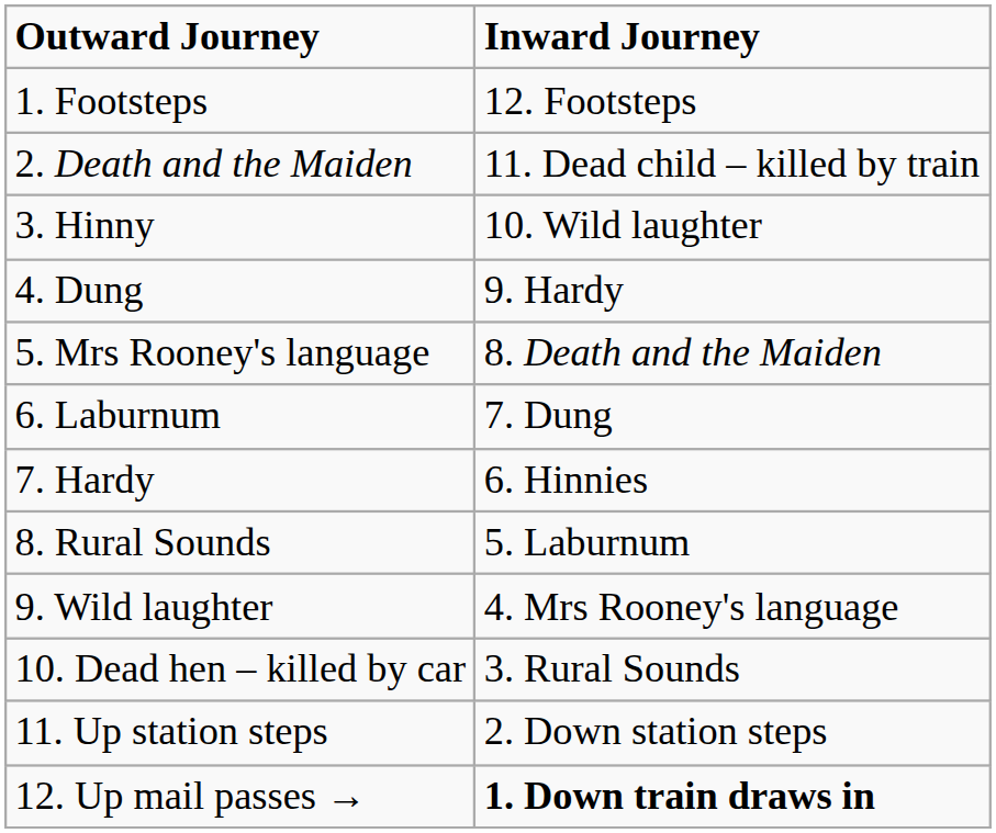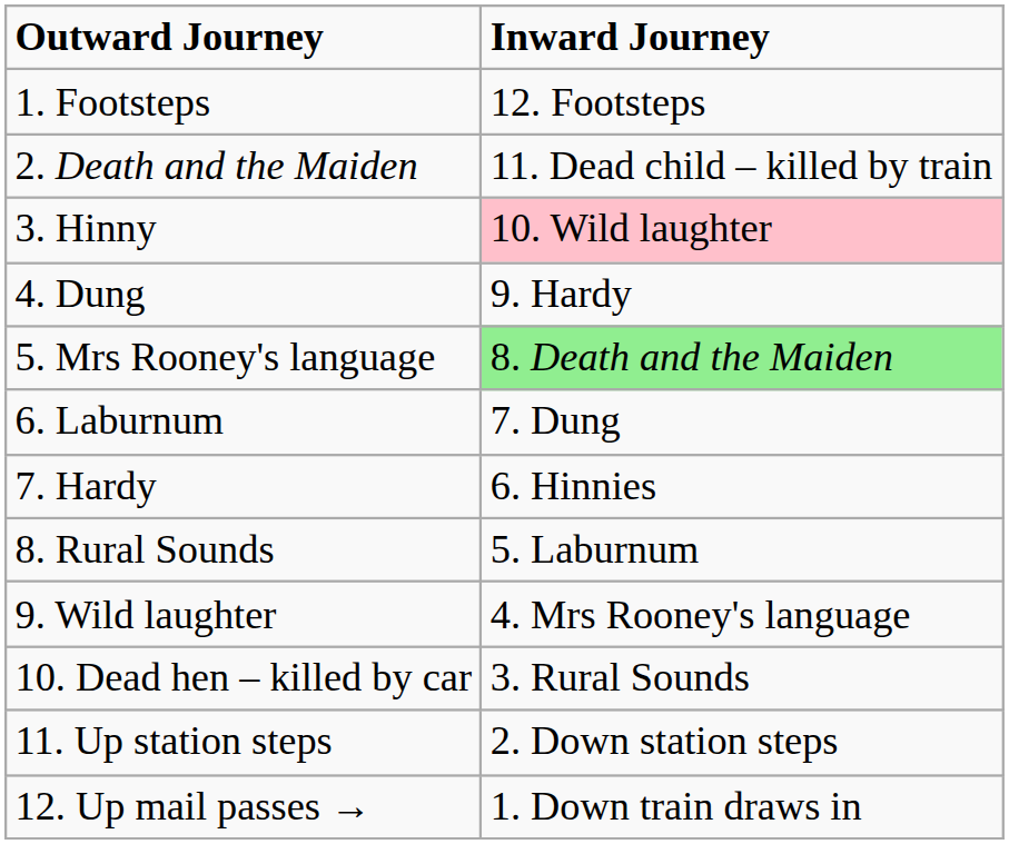 <table class="wikitable">
 <tr>
 <td><strong>Outward Journey</strong></td>
 <td><strong>Inward Journey</strong></td>
 </tr>
 <tr>
 <td>1. Footsteps</td>
 <td>12. Footsteps</td>
 </tr>
 <tr>
 <td>2. <em>Death and the Maiden</em></td>
 <td>11. Dead child – killed by train</td>
 </tr>
 <tr>
 <td>3. Hinny</td>
-<td>10. Wild laughter</td>
+<td style="background: pink;">10. Wild laughter</td>
 </tr>
 <tr>
 <td>4. Dung</td>
 <td>9. Hardy</td>
 </tr>
 <tr>
 <td>5. Mrs Rooney's language</td>
-<td>8. <em>Death and the Maiden</em></td>
+<td style="background: lightgreen;">8. <em>Death and the Maiden</em></td>
 </tr>
 <tr>
 <td>6. Laburnum</td>
 <td>7. Dung</td>
 </tr>
 <tr>
 <td>7. Hardy</td>
 <td>6. Hinnies</td>
 </tr>
 <tr>
 <td>8. Rural Sounds</td>
 <td>5. Laburnum</td>
 </tr>
 <tr>
 <td>9. Wild laughter</td>
 <td>4. Mrs Rooney's language</td>
 </tr>
 <tr>
 <td>10. Dead hen – killed by car</td>
 <td>3. Rural Sounds</td>
 </tr>
 <tr>
 <td>11. Up station steps</td>
 <td>2. Down station steps</td>
 </tr>
 <tr>
 <td>12. Up mail passes  →</td>
-<td><strong>1. Down train draws in</strong></td>
+<td>1. Down train draws in</td>
 </tr>
 <tr>
 </tr>
 </table>
